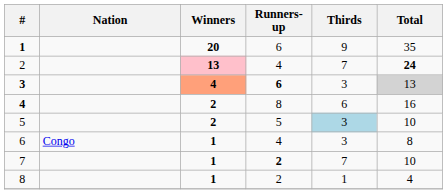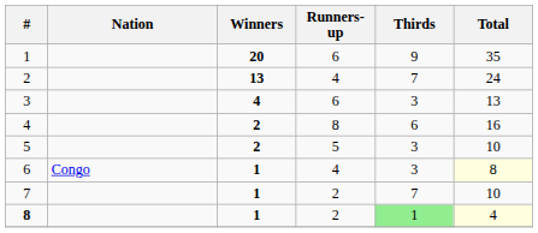 <table class="wikitable">
 <tr>
 <th width=40>#</th>
 <th width=180>Nation</th>
 <th width=80>Winners</th>
 <th width=80>Runners-up</th>
 <th width=80>Thirds</th>
 <th width=80>Total</th>
 </tr>
 <tr>
-<td align=center><strong>1</strong></td>
+<td align=center>1</td>
 <td></td>
 <td align=center><strong>20</strong></td>
 <td align=center>6</td>
 <td align="center">9</td>
 <td align=center>35</td>
 </tr>
 <tr>
 <td align=center>2</td>
 <td></td>
-<td align=center style="background: pink;"><strong>13</strong></td>
+<td align=center><strong>13</strong></td>
 <td align=center>4</td>
 <td align=center>7</td>
-<td align=center><strong>24</strong></td>
+<td align=center>24</td>
 </tr>
 <tr>
-<td align=center><strong>3</strong></td>
+<td align=center>3</td>
 <td></td>
-<td align=center style="background: lightsalmon;"><strong>4</strong></td>
-<td align=center><strong>6</strong></td>
+<td align=center><strong>4</strong></td>
+<td align=center>6</td>
 <td align=center>3</td>
-<td align=center style="background: lightgrey;">13</td>
+<td align=center>13</td>
 </tr>
 <tr>
-<td align=center><strong>4</strong></td>
+<td align=center>4</td>
 <td></td>
 <td align=center><strong>2</strong></td>
 <td align=center>8</td>
 <td align=center>6</td>
 <td align=center>16</td>
 </tr>
 <tr>
 <td align=center>5</td>
 <td></td>
 <td align=center><strong>2</strong></td>
 <td align=center>5</td>
-<td align=center style="background: lightblue;">3</td>
+<td align=center>3</td>
 <td align=center>10</td>
 </tr>
 <tr>
 <td align=center>6</td>
 <td> <a href='#'>Congo</a></td>
 <td align=center><strong>1</strong></td>
 <td align=center>4</td>
 <td align=center>3</td>
-<td align=center>8</td>
+<td align=center style="background: lightyellow;">8</td>
 </tr>
 <tr>
 <td align=center>7</td>
 <td></td>
 <td align=center><strong>1</strong></td>
-<td align=center><strong>2</strong></td>
+<td align=center>2</td>
 <td align=center>7</td>
 <td align=center>10</td>
 </tr>
 <tr>
-<td align=center>8</td>
+<td align=center><strong>8</strong></td>
 <td></td>
 <td align=center><strong>1</strong></td>
 <td align=center>2</td>
-<td align=center>1</td>
-<td align=center>4</td>
+<td align=center style="background: lightgreen;">1</td>
+<td align=center style="background: lightyellow;">4</td>
 </tr>
 <tr>
 </tr>
 </table>
